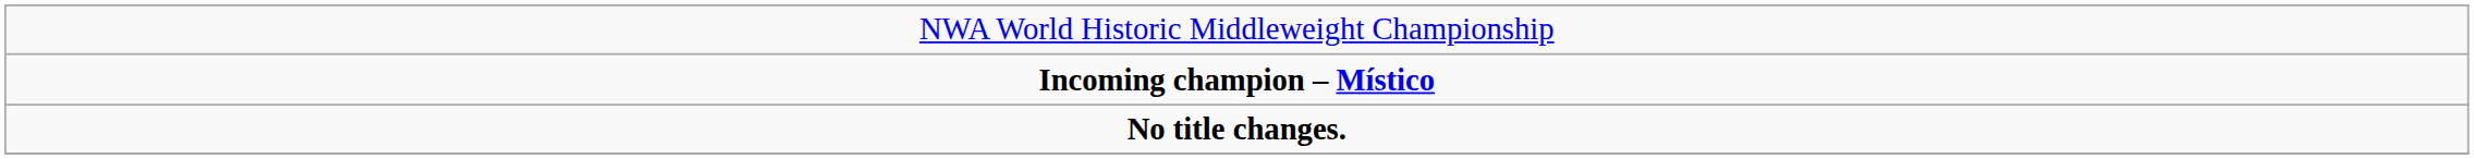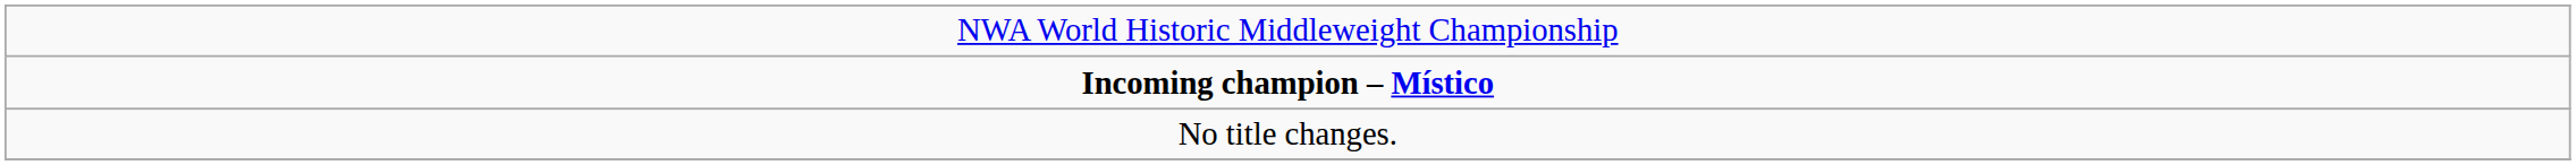 <table class="wikitable" style="text-align:center; width:100%;">
 <tr>
 <td colspan="5" style="text-align: center;"><a href='#'>NWA World Historic Middleweight Championship</a></td>
 </tr>
 <tr>
 <td colspan="5" style="text-align: center;"><strong>Incoming champion – <a href='#'>Místico</a></strong></td>
 </tr>
 <tr>
-<td><strong>No title changes.</strong></td>
+<td>No title changes.</td>
 </tr>
 <tr>
 </tr>
 </table>
